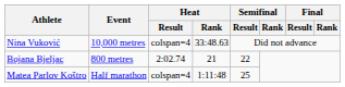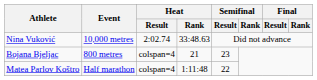 <table class=wikitable style=font-size:90%>
 <tr>
 <th rowspan=2>Athlete</th>
 <th rowspan=2>Event</th>
 <th colspan=2>Heat</th>
 <th colspan=2>Semifinal</th>
 <th colspan=2>Final</th>
 </tr>
 <tr style=font-size:95%>
 <th>Result</th>
 <th>Rank</th>
 <th>Result</th>
 <th>Rank</th>
 <th>Result</th>
 <th>Rank</th>
 </tr>
 <tr align=center>
 <td align=left><a href='#'>Nina Vuković</a></td>
 <td align=left><a href='#'>10,000 metres</a></td>
-<td>colspan=4</td>
+<td>2:02.74</td>
 <td>33:48.63 </td>
 <td colspan=4>Did not advance</td>
 </tr>
 <tr align=center>
 <td align=left><a href='#'>Bojana Bjeljac</a></td>
 <td align=left><a href='#'>800 metres</a></td>
-<td>2:02.74</td>
+<td>colspan=4</td>
 <td>21</td>
-<td>22</td>
+<td>23</td>
 </tr>
 <tr align=center>
 <td align=left><a href='#'>Matea Parlov Koštro</a></td>
 <td align=left><a href='#'>Half marathon</a></td>
 <td>colspan=4</td>
 <td>1:11:48</td>
-<td>25</td>
+<td>22</td>
 </tr>
 </table>
